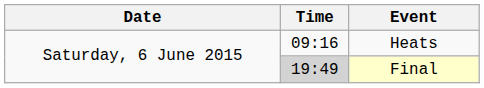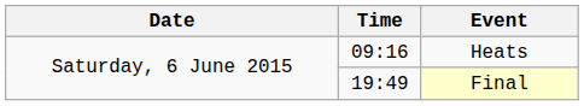 <table class = "wikitable" style="text-align:center;">
 <tr>
 <th width=220>Date</th>
 <th width=50>Time</th>
 <th width=100>Event</th>
 </tr>
 <tr>
 <td rowspan=2>Saturday, 6 June 2015</td>
 <td>09:16</td>
 <td>Heats</td>
 </tr>
 <tr>
-<td style="background: lightgrey;">19:49</td>
+<td>19:49</td>
 <td bgcolor=ffffcc>Final</td>
 </tr>
 </table>
